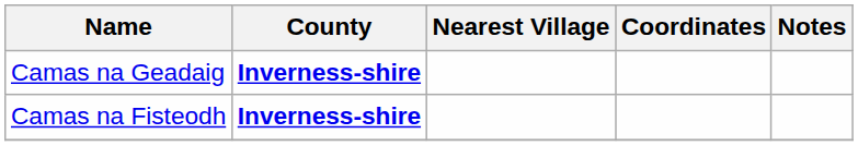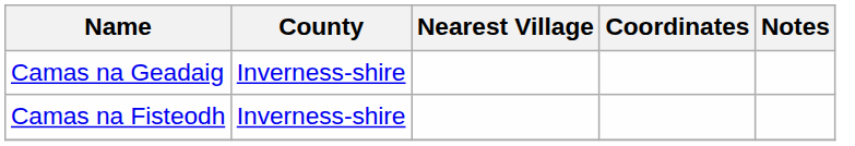 <table class="wikitable sortable" style="table-layout:fixed;background-color:#FEFEFE;font-size:95%;padding:0.30em;line-height:1.35em;">
 <tr>
 <th scope="col">Name</th>
 <th scope="col">County</th>
 <th scope="col">Nearest Village</th>
 <th scope="col" data-sort-type="number">Coordinates</th>
 <th scope="col">Notes</th>
 </tr>
 <tr>
 <td><a href='#'>Camas na Geadaig</a></td>
-<td><strong><a href='#'>Inverness-shire</a></strong></td>
+<td><a href='#'>Inverness-shire</a></td>
 <td></td>
 <td></td>
 <td></td>
 </tr>
 <tr>
 <td><a href='#'>Camas na Fisteodh</a></td>
-<td><strong><a href='#'>Inverness-shire</a></strong></td>
+<td><a href='#'>Inverness-shire</a></td>
 <td></td>
 <td></td>
 <td></td>
 </tr>
 <tr>
 </tr>
 </table>
